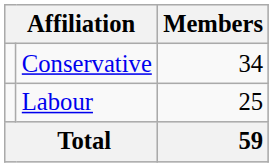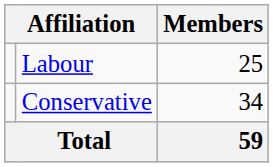 <table class="wikitable">
 <tr>
 <th colspan="2">Affiliation</th>
 <th>Members</th>
 </tr>
 <tr>
 <td style="color:inherit;background:"></td>
-<td><a href='#'>Conservative</a></td>
-<td style="text-align:right;">34</td>
+<td><a href='#'>Labour</a></td>
+<td style="text-align:right;">25</td>
 </tr>
 <tr>
 <td style="color:inherit;background:"></td>
-<td><a href='#'>Labour</a></td>
-<td style="text-align:right;">25</td>
+<td><a href='#'>Conservative</a></td>
+<td style="text-align:right;">34</td>
 </tr>
 <tr>
 <th colspan="2"> Total</th>
 <th style="text-align:right;">59</th>
 </tr>
 </table>
